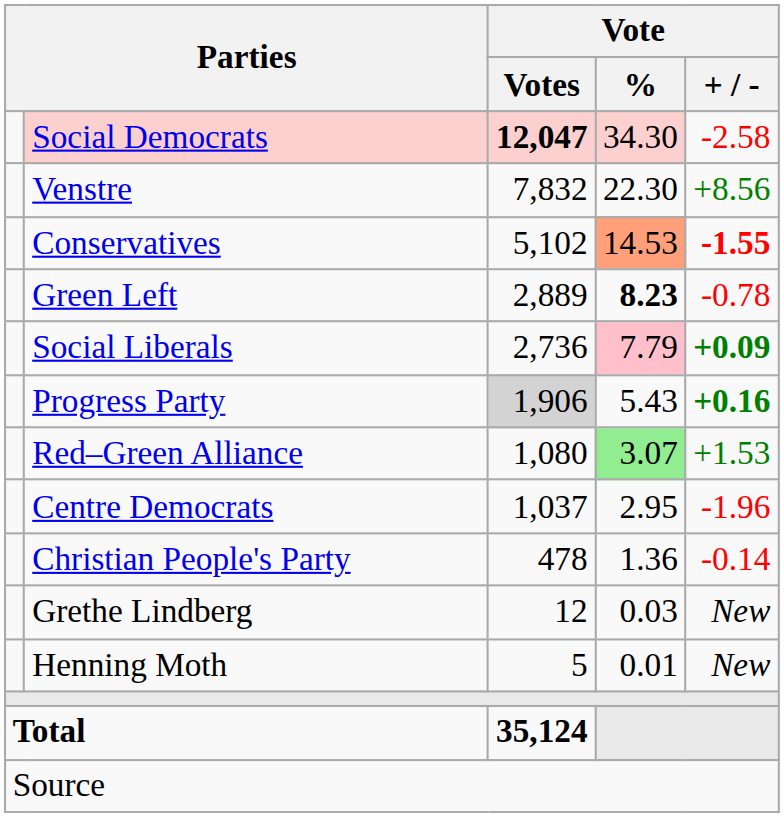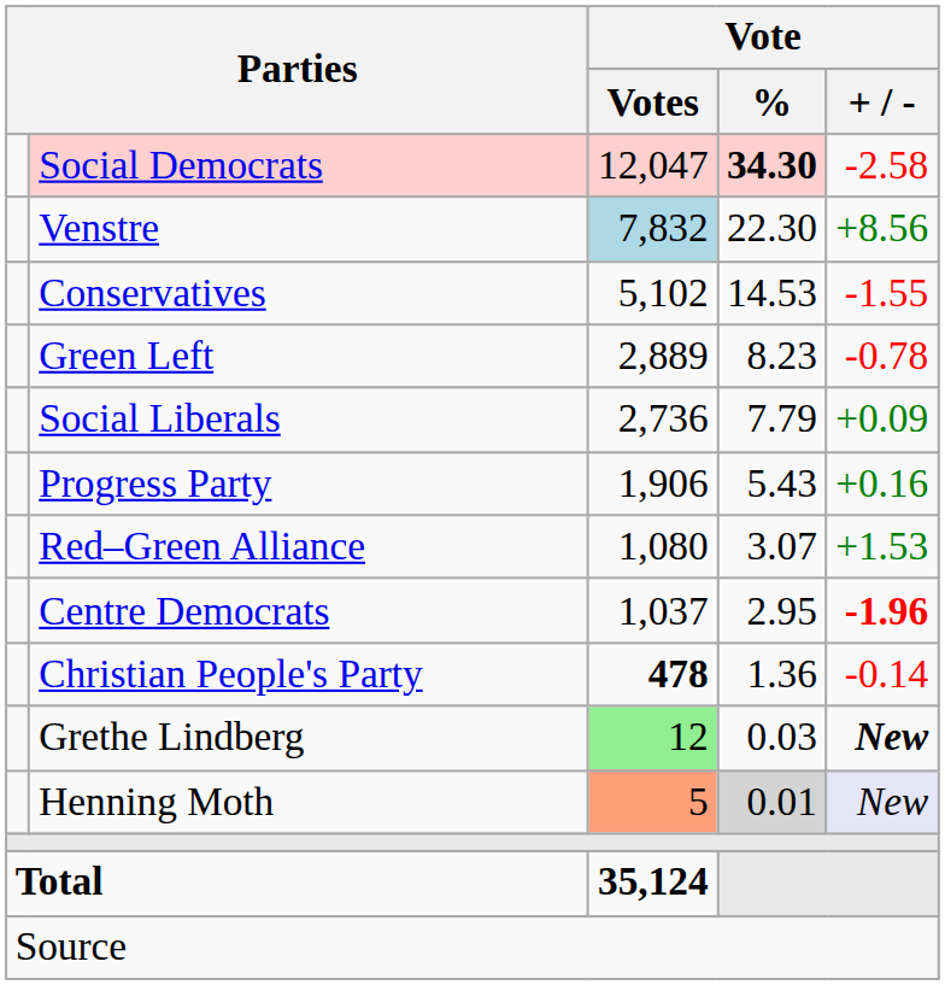 <table class="wikitable" style="text-align:right;">
 <tr>
 <th style="text-align:centre;" rowspan="2" colspan="2" width="225">Parties</th>
 <th colspan="3">Vote</th>
 </tr>
 <tr>
 <th width="15">Votes</th>
 <th width="15">%</th>
 <th width="15">+ / -</th>
 </tr>
 <tr>
 <td width="2" style="color:inherit;background:"></td>
 <td bgcolor=#fbd0ce  align="left"><a href='#'>Social Democrats</a></td>
-<td bgcolor=#fbd0ce><strong>12,047</strong></td>
-<td bgcolor=#fbd0ce>34.30</td>
+<td bgcolor=#fbd0ce>12,047</td>
+<td bgcolor=#fbd0ce><strong>34.30</strong></td>
 <td style=color:red;>-2.58</td>
 </tr>
 <tr>
 <td width="2" style="color:inherit;background:"></td>
 <td align="left"><a href='#'>Venstre</a></td>
-<td>7,832</td>
+<td style="background: lightblue;">7,832</td>
 <td>22.30</td>
 <td style=color:green;>+8.56</td>
 </tr>
 <tr>
 <td width="2" style="color:inherit;background:"></td>
 <td align="left"><a href='#'>Conservatives</a></td>
 <td>5,102</td>
-<td style="background: lightsalmon;">14.53</td>
-<td style=color:red;><strong>-1.55</strong></td>
+<td>14.53</td>
+<td style=color:red;>-1.55</td>
 </tr>
 <tr>
 <td width="2" style="color:inherit;background:"></td>
 <td align="left"><a href='#'>Green Left</a></td>
 <td>2,889</td>
-<td><strong>8.23</strong></td>
+<td>8.23</td>
 <td style=color:red;>-0.78</td>
 </tr>
 <tr>
 <td width="2" style="color:inherit;background:"></td>
 <td align="left"><a href='#'>Social Liberals</a></td>
 <td>2,736</td>
-<td style="background: pink;">7.79</td>
-<td style=color:green;><strong>+0.09</strong></td>
+<td>7.79</td>
+<td style=color:green;>+0.09</td>
 </tr>
 <tr>
 <td width="2" style="color:inherit;background:"></td>
 <td align="left"><a href='#'>Progress Party</a></td>
-<td style="background: lightgrey;">1,906</td>
+<td>1,906</td>
 <td>5.43</td>
-<td style=color:green;><strong>+0.16</strong></td>
+<td style=color:green;>+0.16</td>
 </tr>
 <tr>
 <td width="2" style="color:inherit;background:"></td>
 <td align="left"><a href='#'>Red–Green Alliance</a></td>
 <td>1,080</td>
-<td style="background: lightgreen;">3.07</td>
+<td>3.07</td>
 <td style=color:green;>+1.53</td>
 </tr>
 <tr>
 <td width="2" style="color:inherit;background:"></td>
 <td align="left"><a href='#'>Centre Democrats</a></td>
 <td>1,037</td>
 <td>2.95</td>
-<td style=color:red;>-1.96</td>
+<td style=color:red;><strong>-1.96</strong></td>
 </tr>
 <tr>
 <td width="2" style="color:inherit;background:"></td>
 <td align="left"><a href='#'>Christian People's Party</a></td>
-<td>478</td>
+<td><strong>478</strong></td>
 <td>1.36</td>
 <td style=color:red;>-0.14</td>
 </tr>
 <tr>
 <td width="2" style="color:inherit;background:"></td>
 <td align="left">Grethe Lindberg</td>
-<td>12</td>
+<td style="background: lightgreen;">12</td>
 <td>0.03</td>
-<td><em>New</em></td>
+<td><strong><em>New</em></strong></td>
 </tr>
 <tr>
 <td width="2" style="color:inherit;background:"></td>
 <td align="left">Henning Moth</td>
-<td>5</td>
-<td>0.01</td>
-<td><em>New</em></td>
+<td style="background: lightsalmon;">5</td>
+<td style="background: lightgrey;">0.01</td>
+<td style="background: lavender;"><em>New</em></td>
 </tr>
 <tr>
 <td colspan="7" bgcolor="#E9E9E9"></td>
 </tr>
 <tr>
 <td align="left" colspan="2"><strong>Total</strong></td>
 <td><strong>35,124</strong></td>
 <td bgcolor="#E9E9E9" colspan="2"></td>
 </tr>
 <tr>
 <td align="left" colspan="6">Source</td>
 </tr>
 </table>
